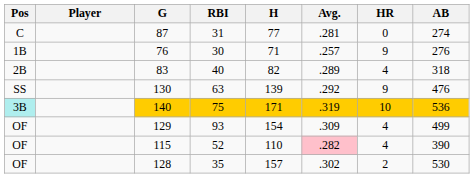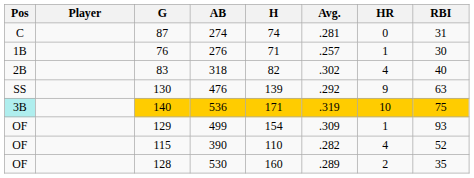 <table class="wikitable sortable">
 <tr>
 <th bgcolor="#DDDDFF" width="5%">Pos</th>
 <th bgcolor="#DDDDFF" width="16%">Player</th>
 <th bgcolor="#DDDDFF" width="9%">G</th>
-<th bgcolor="#DDDDFF" width="9%">RBI</th>
+<th bgcolor="#DDDDFF" width="9%">AB</th>
 <th bgcolor="#DDDDFF" width="9%">H</th>
 <th bgcolor="#DDDDFF" width="9%">Avg.</th>
 <th bgcolor="#DDDDFF" width="9%">HR</th>
-<th bgcolor="#DDDDFF" width="9%">AB</th>
+<th bgcolor="#DDDDFF" width="9%">RBI</th>
 </tr>
 <tr align="center">
 <td>C</td>
 <td></td>
 <td>87</td>
-<td>31</td>
-<td>77</td>
+<td>274</td>
+<td>74</td>
 <td>.281</td>
 <td>0</td>
-<td>274</td>
+<td>31</td>
 </tr>
 <tr align="center">
 <td>1B</td>
 <td></td>
 <td>76</td>
-<td>30</td>
+<td>276</td>
 <td>71</td>
 <td>.257</td>
-<td>9</td>
-<td>276</td>
+<td>1</td>
+<td>30</td>
 </tr>
 <tr align="center">
 <td>2B</td>
 <td></td>
 <td>83</td>
+<td>318</td>
+<td>82</td>
+<td>.302</td>
+<td>4</td>
 <td>40</td>
-<td>82</td>
-<td>.289</td>
-<td>4</td>
-<td>318</td>
 </tr>
 <tr align="center">
 <td>SS</td>
 <td></td>
 <td>130</td>
-<td>63</td>
+<td>476</td>
 <td>139</td>
 <td>.292</td>
 <td>9</td>
-<td>476</td>
+<td>63</td>
 </tr>
 <tr align="center">
 <td style="background: paleturquoise;">3B</td>
 <td></td>
 <td style="background:#fc0;">140</td>
-<td style="background:#fc0;">75</td>
+<td style="background:#fc0;">536</td>
 <td style="background:#fc0;">171</td>
 <td style="background:#fc0;">.319</td>
 <td style="background:#fc0;">10</td>
-<td style="background:#fc0;">536</td>
+<td style="background:#fc0;">75</td>
 </tr>
 <tr align="center">
 <td>OF</td>
 <td></td>
 <td>129</td>
-<td>93</td>
+<td>499</td>
 <td>154</td>
 <td>.309</td>
-<td>4</td>
-<td>499</td>
+<td>1</td>
+<td>93</td>
 </tr>
 <tr align="center">
 <td>OF</td>
 <td></td>
 <td>115</td>
+<td>390</td>
+<td>110</td>
+<td>.282</td>
+<td>4</td>
 <td>52</td>
-<td>110</td>
-<td style="background: pink;">.282</td>
-<td>4</td>
-<td>390</td>
 </tr>
 <tr align="center">
 <td>OF</td>
 <td></td>
 <td>128</td>
+<td>530</td>
+<td>160</td>
+<td>.289</td>
+<td>2</td>
 <td>35</td>
-<td>157</td>
-<td>.302</td>
-<td>2</td>
-<td>530</td>
 </tr>
 </table>
